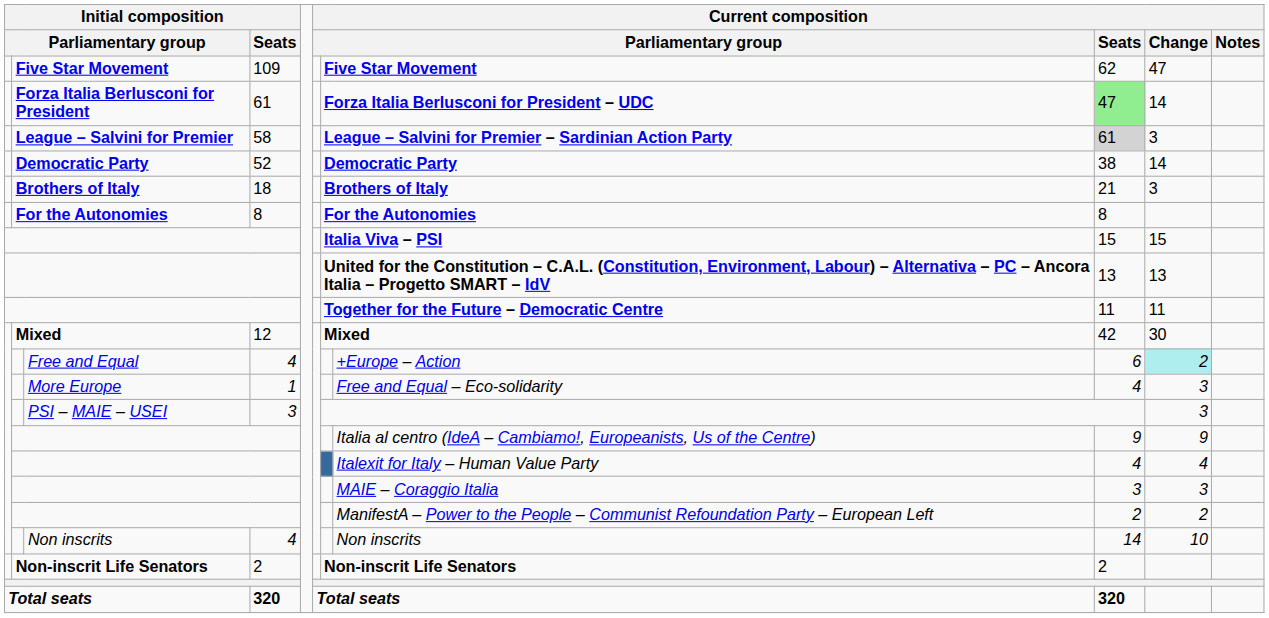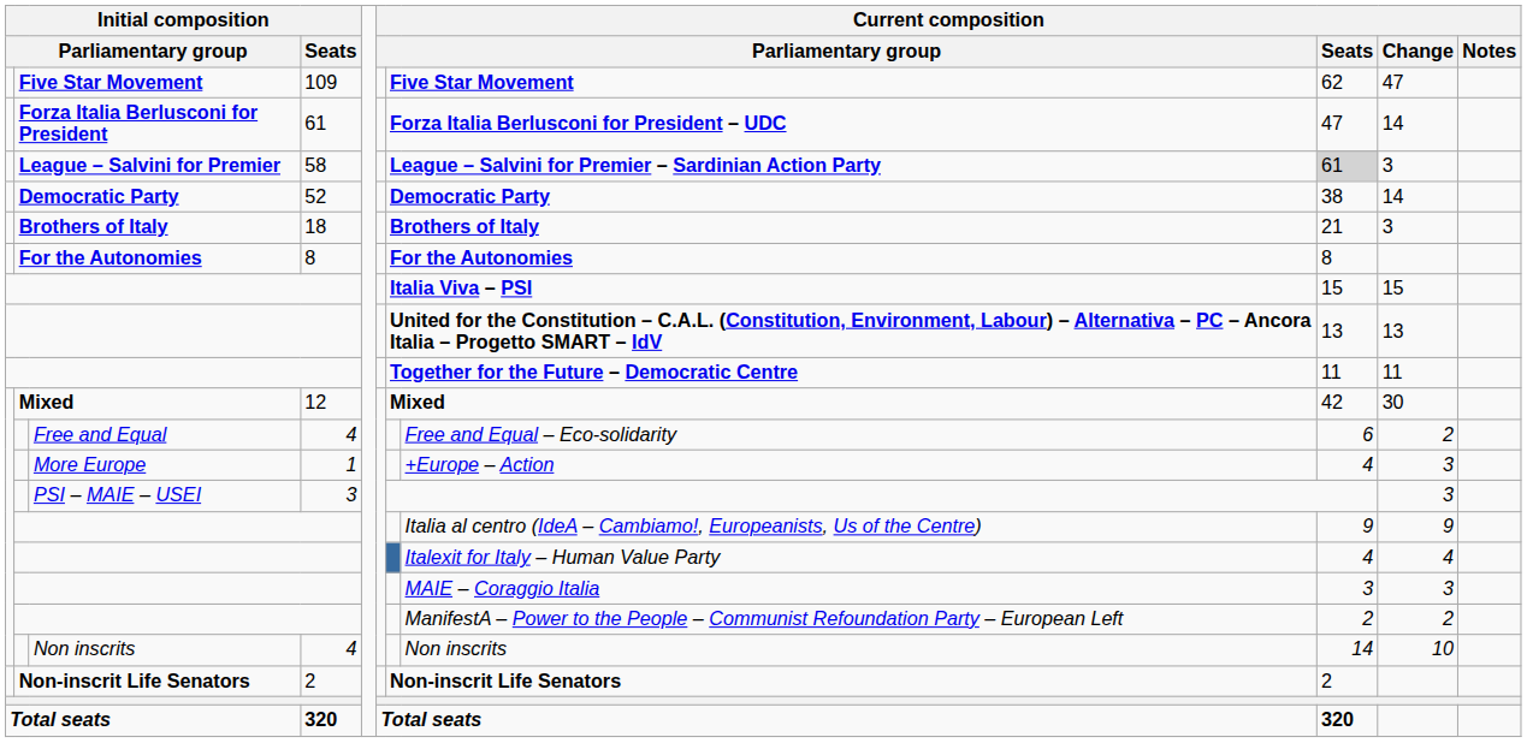 <table class="wikitable">
 <tr>
 <th colspan="4">Initial composition</th>
 <td rowspan="23" style="width : 1%;"></td>
 <th colspan="6">Current composition</th>
 </tr>
 <tr>
 <th colspan="3">Parliamentary group</th>
 <th>Seats</th>
 <th colspan="3">Parliamentary group</th>
 <th>Seats</th>
 <th>Change</th>
 <th>Notes</th>
 </tr>
 <tr>
 <td></td>
 <td colspan = "2"><strong><a href='#'>Five Star Movement</a></strong></td>
 <td>109</td>
 <td></td>
 <td colspan = "2"><strong><a href='#'>Five Star Movement</a></strong></td>
 <td>62</td>
 <td> 47</td>
 <td></td>
 </tr>
 <tr>
 <td></td>
 <td colspan = "2"><strong><a href='#'>Forza Italia Berlusconi for President</a></strong></td>
 <td>61</td>
 <td></td>
 <td colspan = "2"><strong><a href='#'>Forza Italia Berlusconi for President</a> – <a href='#'>UDC</a></strong></td>
-<td style="background: lightgreen;">47</td>
+<td>47</td>
 <td> 14</td>
 <td></td>
 </tr>
 <tr>
 <td></td>
 <td colspan = "2"><strong><a href='#'>League – Salvini for Premier</a></strong></td>
 <td>58</td>
 <td></td>
 <td colspan = "2"><strong><a href='#'>League – Salvini for Premier</a> – <a href='#'>Sardinian Action Party</a></strong></td>
 <td style="background: lightgrey;">61</td>
 <td> 3</td>
 <td></td>
 </tr>
 <tr>
 <td></td>
 <td colspan = "2"><strong><a href='#'>Democratic Party</a></strong></td>
 <td>52</td>
 <td></td>
 <td colspan = "2"><strong><a href='#'>Democratic Party</a></strong></td>
 <td>38</td>
 <td> 14</td>
 <td></td>
 </tr>
 <tr>
 <td></td>
 <td colspan = "2"><strong><a href='#'>Brothers of Italy</a></strong></td>
 <td>18</td>
 <td></td>
 <td colspan = "2"><strong><a href='#'>Brothers of Italy</a></strong></td>
 <td>21</td>
 <td> 3</td>
 <td></td>
 </tr>
 <tr>
 <td></td>
 <td colspan = "2"><strong><a href='#'>For the Autonomies</a></strong></td>
 <td>8</td>
 <td></td>
 <td colspan = "2"><strong><a href='#'>For the Autonomies</a></strong></td>
 <td>8</td>
 <td></td>
 <td></td>
 </tr>
 <tr>
 <td colspan="4"></td>
 <td></td>
 <td colspan="2"><strong><a href='#'>Italia Viva</a> – <a href='#'>PSI</a></strong></td>
 <td>15</td>
 <td> 15</td>
 <td></td>
 </tr>
 <tr>
 <td colspan="4"></td>
 <td></td>
 <td colspan="2"><strong>United for the Constitution – C.A.L. (<a href='#'>Constitution, Environment, Labour</a>) – <a href='#'>Alternativa</a> – <a href='#'>PC</a> – Ancora Italia – Progetto SMART – <a href='#'>IdV</a></strong></td>
 <td>13</td>
 <td> 13</td>
 <td></td>
 </tr>
 <tr>
 <td colspan="4"></td>
 <td></td>
 <td colspan="2"><strong><a href='#'>Together for the Future</a> – <a href='#'>Democratic Centre</a></strong></td>
 <td>11</td>
 <td> 11</td>
 <td></td>
 </tr>
 <tr>
 <td rowspan=9></td>
 <td colspan="2"><strong>Mixed</strong></td>
 <td>12</td>
 <td rowspan=9></td>
 <td colspan="2"><strong>Mixed</strong></td>
 <td>42</td>
 <td> 30</td>
 <td></td>
 </tr>
 <tr>
 <td></td>
 <td><em><a href='#'>Free and Equal</a></em></td>
 <td align="right"><em>4</em></td>
 <td></td>
-<td><em><a href='#'>+Europe</a> – <a href='#'>Action</a></em></td>
+<td><em><a href='#'>Free and Equal</a> – Eco-solidarity</em></td>
 <td align="right"><em>6</em></td>
-<td align="right" style="background: paleturquoise;"> <em>2</em></td>
+<td align="right"> <em>2</em></td>
 <td></td>
 </tr>
 <tr>
 <td></td>
 <td><em><a href='#'>More Europe</a></em></td>
 <td align="right"><em>1</em></td>
 <td></td>
-<td><em><a href='#'>Free and Equal</a> – Eco-solidarity</em></td>
+<td><em><a href='#'>+Europe</a> – <a href='#'>Action</a></em></td>
 <td align="right"><em>4</em></td>
 <td align="right"> <em>3</em></td>
 <td></td>
 </tr>
 <tr>
 <td></td>
 <td><em><a href='#'>PSI</a> – <a href='#'>MAIE</a> – <a href='#'>USEI</a></em></td>
 <td align="right"><em>3</em></td>
 <td colspan="3"></td>
 <td align="right"> <em>3</em></td>
 <td></td>
 </tr>
 <tr>
 <td colspan="3"></td>
 <td></td>
 <td><em>Italia al centro (<a href='#'>IdeA</a> – <a href='#'>Cambiamo!</a>, <a href='#'>Europeanists</a>, <a href='#'>Us of the Centre</a>)</em></td>
 <td align="right"><em>9</em></td>
 <td align="right"> <em>9</em></td>
 <td></td>
 </tr>
 <tr>
 <td colspan="3"></td>
 <td bgcolor="#366A9F" width=1%></td>
 <td><em><a href='#'>Italexit for Italy</a> – Human Value Party</em></td>
 <td align="right"><em>4</em></td>
 <td align="right"> <em>4</em></td>
 <td></td>
 </tr>
 <tr>
 <td colspan="3"></td>
 <td></td>
 <td><em><a href='#'>MAIE</a> – <a href='#'>Coraggio Italia</a></em></td>
 <td align="right"><em>3</em></td>
 <td align="right"> <em>3</em></td>
 <td></td>
 </tr>
 <tr>
 <td colspan="3"></td>
 <td></td>
 <td><em>ManifestA – <a href='#'>Power to the People</a> – <a href='#'>Communist Refoundation Party</a> – European Left</em></td>
 <td align="right"><em>2</em></td>
 <td align="right"> <em>2</em></td>
 <td></td>
 </tr>
 <tr>
 <td></td>
 <td><em>Non inscrits</em></td>
 <td align="right"><em>4</em></td>
 <td></td>
 <td><em>Non inscrits</em></td>
 <td align="right"><em>14</em></td>
 <td align="right"> <em>10</em></td>
 <td></td>
 </tr>
 <tr>
 <td></td>
 <td colspan = "2"><strong>Non-inscrit Life Senators</strong></td>
 <td>2</td>
 <td></td>
 <td colspan = "2"><strong>Non-inscrit Life Senators</strong></td>
 <td>2</td>
 <td></td>
 <td></td>
 </tr>
 <tr>
 <th colspan="4"></th>
 <th colspan="6"></th>
 </tr>
 <tr>
 <td colspan="3"><strong><em>Total seats</em></strong></td>
 <td><strong>320</strong></td>
 <td colspan="3"><strong><em>Total seats</em></strong></td>
 <td><strong>320</strong></td>
 <td></td>
 </tr>
 <tr>
 </tr>
 </table>
